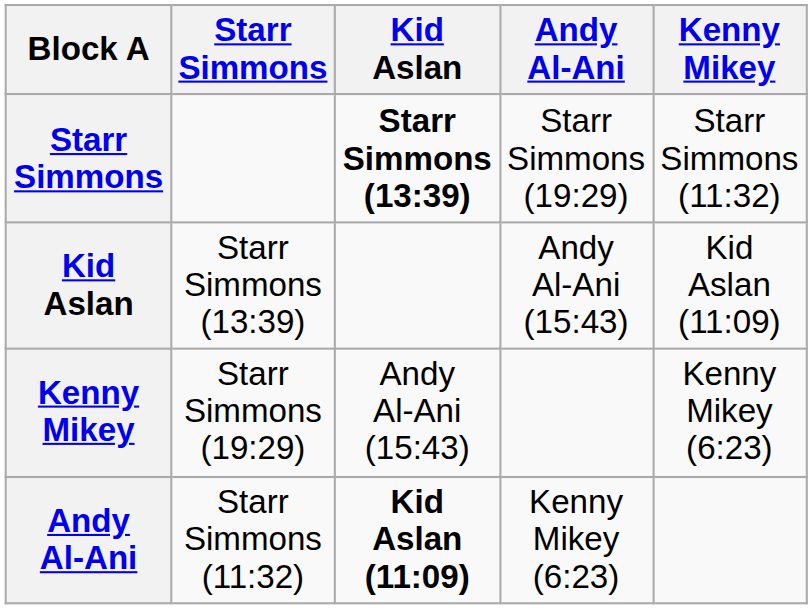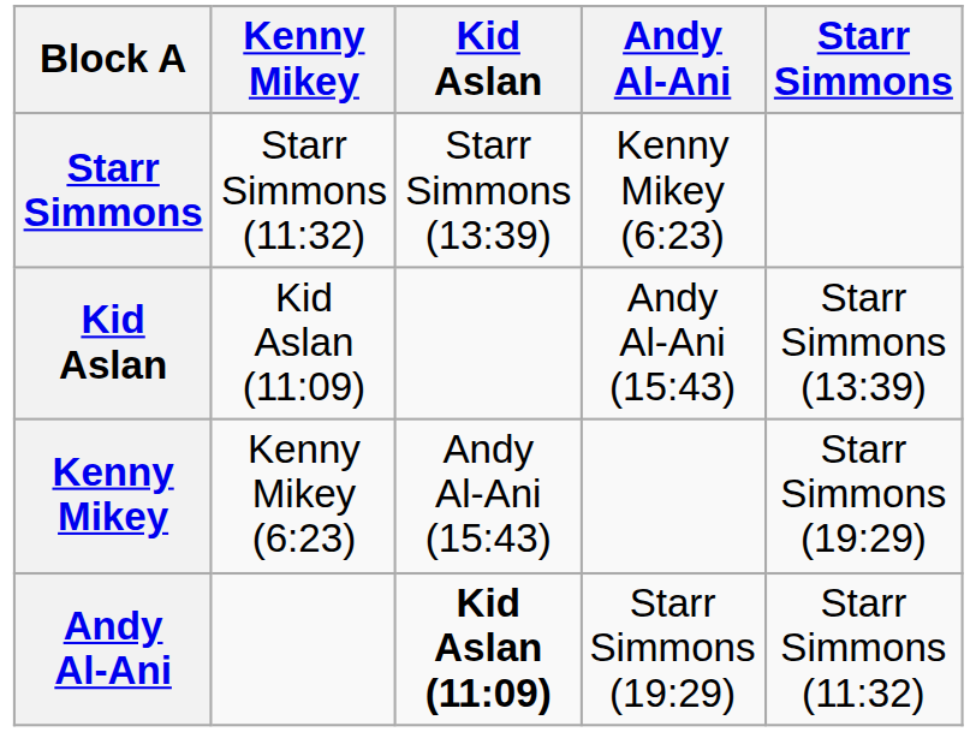 <table class="wikitable" style="text-align:center; margin: 1em auto 1em auto">
 <tr>
 <th>Block A</th>
-<th><a href='#'>Starr</a><br><a href='#'>Simmons</a></th>
+<th><a href='#'>Kenny</a><br><a href='#'>Mikey</a></th>
 <th><a href='#'>Kid</a><br>Aslan</th>
 <th><a href='#'>Andy</a><br><a href='#'>Al-Ani</a></th>
-<th><a href='#'>Kenny</a><br><a href='#'>Mikey</a></th>
+<th><a href='#'>Starr</a><br><a href='#'>Simmons</a></th>
 </tr>
 <tr>
 <th><a href='#'>Starr</a><br><a href='#'>Simmons</a></th>
+<td>Starr<br>Simmons<br>(11:32)</td>
+<td>Starr<br>Simmons<br>(13:39)</td>
+<td>Kenny<br>Mikey<br>(6:23)</td>
 <td></td>
-<td><strong>Starr<br>Simmons<br>(13:39)</strong></td>
+</tr>
+<tr>
+<th><a href='#'>Kid</a><br>Aslan</th>
+<td>Kid<br>Aslan<br>(11:09)</td>
+<td></td>
+<td>Andy<br>Al-Ani<br>(15:43)</td>
+<td>Starr<br>Simmons<br>(13:39)</td>
+</tr>
+<tr>
+<th><a href='#'>Kenny</a><br><a href='#'>Mikey</a></th>
+<td>Kenny<br>Mikey<br>(6:23)</td>
+<td>Andy<br>Al-Ani<br>(15:43)</td>
+<td></td>
+<td>Starr<br>Simmons<br>(19:29)</td>
+</tr>
+<tr>
+<th><a href='#'>Andy</a><br><a href='#'>Al-Ani</a></th>
+<td></td>
+<td><strong>Kid<br>Aslan<br>(11:09)</strong></td>
 <td>Starr<br>Simmons<br>(19:29)</td>
 <td>Starr<br>Simmons<br>(11:32)</td>
 </tr>
-<tr>
-<th><a href='#'>Kid</a><br>Aslan</th>
-<td>Starr<br>Simmons<br>(13:39)</td>
-<td></td>
-<td>Andy<br>Al-Ani<br>(15:43)</td>
-<td>Kid<br>Aslan<br>(11:09)</td>
-</tr>
-<tr>
-<th><a href='#'>Kenny</a><br><a href='#'>Mikey</a></th>
-<td>Starr<br>Simmons<br>(19:29)</td>
-<td>Andy<br>Al-Ani<br>(15:43)</td>
-<td></td>
-<td>Kenny<br>Mikey<br>(6:23)</td>
-</tr>
-<tr>
-<th><a href='#'>Andy</a><br><a href='#'>Al-Ani</a></th>
-<td>Starr<br>Simmons<br>(11:32)</td>
-<td><strong>Kid<br>Aslan<br>(11:09)</strong></td>
-<td>Kenny<br>Mikey<br>(6:23)</td>
-<td></td>
-</tr>
 </table>
